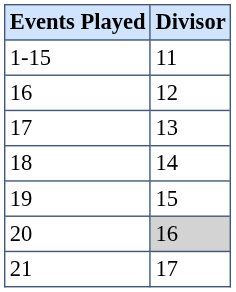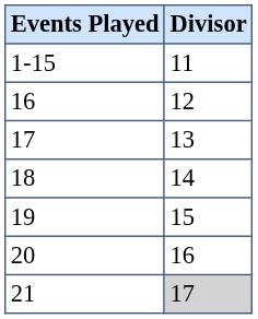 <table cellpadding="3" cellspacing="4" border="1" style="border:#435877 solid 1px; border-collapse: collapse;">
 <tr style="background:#d1e4fd;">
 <td><strong>Events Played</strong></td>
 <td><strong>Divisor</strong></td>
 </tr>
 <tr>
 <td>1-15</td>
 <td>11</td>
 </tr>
 <tr>
 <td>16</td>
 <td>12</td>
 </tr>
 <tr>
 <td>17</td>
 <td>13</td>
 </tr>
 <tr>
 <td>18</td>
 <td>14</td>
 </tr>
 <tr>
 <td>19</td>
 <td>15</td>
 </tr>
 <tr>
 <td>20</td>
-<td style="background: lightgrey;">16</td>
+<td>16</td>
 </tr>
 <tr>
 <td>21</td>
-<td>17</td>
+<td style="background: lightgrey;">17</td>
 </tr>
 </table>
